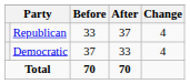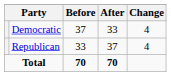 <table class="wikitable" style="text-align:center;">
 <tr>
 </tr>
 <tr>
 <th colspan=2>Party</th>
 <th>Before</th>
 <th>After</th>
 <th>Change</th>
 </tr>
 <tr>
 <th style="background-color:"></th>
-<td style="text-align:left;"><a href='#'>Republican</a></td>
+<td style="text-align:left;"><a href='#'>Democratic</a></td>
+<td>37</td>
 <td>33</td>
-<td>37</td>
 <td> 4</td>
 </tr>
 <tr>
 <th style="background-color:"></th>
-<td style="text-align:left;"><a href='#'>Democratic</a></td>
+<td style="text-align:left;"><a href='#'>Republican</a></td>
+<td>33</td>
 <td>37</td>
-<td>33</td>
 <td> 4</td>
 </tr>
 <tr>
 <td colspan=2><strong>Total</strong></td>
 <td><strong>70</strong></td>
 <td><strong>70</strong></td>
 <td></td>
 </tr>
 </table>
